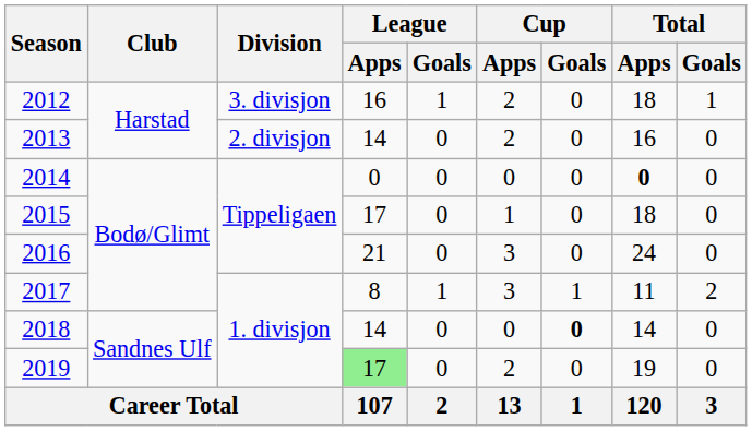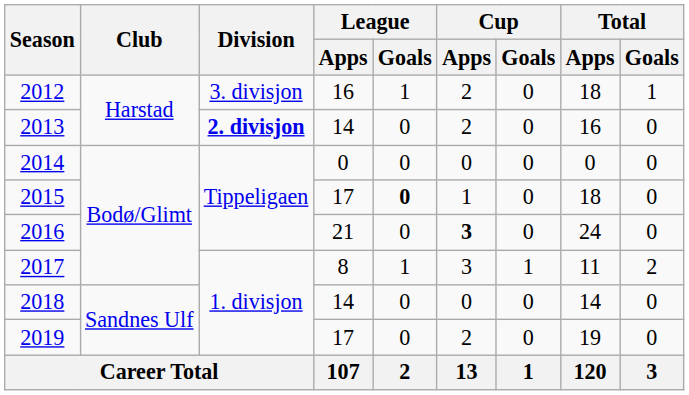 <table class="wikitable" style="text-align: center;">
 <tr>
 <th rowspan="2">Season</th>
 <th rowspan="2">Club</th>
 <th rowspan="2">Division</th>
 <th colspan="2">League</th>
 <th colspan="2">Cup</th>
 <th colspan="2">Total</th>
 </tr>
 <tr>
 <th>Apps</th>
 <th>Goals</th>
 <th>Apps</th>
 <th>Goals</th>
 <th>Apps</th>
 <th>Goals</th>
 </tr>
 <tr>
 <td><a href='#'>2012</a></td>
 <td rowspan="2" valign="center"><a href='#'>Harstad</a></td>
 <td rowspan="1" valign="center"><a href='#'>3. divisjon</a></td>
 <td>16</td>
 <td>1</td>
 <td>2</td>
 <td>0</td>
 <td>18</td>
 <td>1</td>
 </tr>
 <tr>
 <td><a href='#'>2013</a></td>
-<td rowspan="1" valign="center"><a href='#'>2. divisjon</a></td>
+<td rowspan="1" valign="center"><strong><a href='#'>2. divisjon</a></strong></td>
 <td>14</td>
 <td>0</td>
 <td>2</td>
 <td>0</td>
 <td>16</td>
 <td>0</td>
 </tr>
 <tr>
 <td><a href='#'>2014</a></td>
 <td rowspan="4" valign="center"><a href='#'>Bodø/Glimt</a></td>
 <td rowspan="3" valign="center"><a href='#'>Tippeligaen</a></td>
 <td>0</td>
 <td>0</td>
 <td>0</td>
 <td>0</td>
-<td><strong>0</strong></td>
+<td>0</td>
 <td>0</td>
 </tr>
 <tr>
 <td><a href='#'>2015</a></td>
 <td>17</td>
-<td>0</td>
+<td><strong>0</strong></td>
 <td>1</td>
 <td>0</td>
 <td>18</td>
 <td>0</td>
 </tr>
 <tr>
 <td><a href='#'>2016</a></td>
 <td>21</td>
 <td>0</td>
-<td>3</td>
+<td><strong>3</strong></td>
 <td>0</td>
 <td>24</td>
 <td>0</td>
 </tr>
 <tr>
 <td><a href='#'>2017</a></td>
 <td rowspan="3" valign="center"><a href='#'>1. divisjon</a></td>
 <td>8</td>
 <td>1</td>
 <td>3</td>
 <td>1</td>
 <td>11</td>
 <td>2</td>
 </tr>
 <tr>
 <td><a href='#'>2018</a></td>
 <td rowspan="2" valign="center"><a href='#'>Sandnes Ulf</a></td>
 <td>14</td>
 <td>0</td>
 <td>0</td>
-<td><strong>0</strong></td>
+<td>0</td>
 <td>14</td>
 <td>0</td>
 </tr>
 <tr>
 <td><a href='#'>2019</a></td>
-<td style="background: lightgreen;">17</td>
+<td>17</td>
 <td>0</td>
 <td>2</td>
 <td>0</td>
 <td>19</td>
 <td>0</td>
 </tr>
 <tr>
 <th colspan="3">Career Total</th>
 <th>107</th>
 <th>2</th>
 <th>13</th>
 <th>1</th>
 <th>120</th>
 <th>3</th>
 </tr>
 </table>
